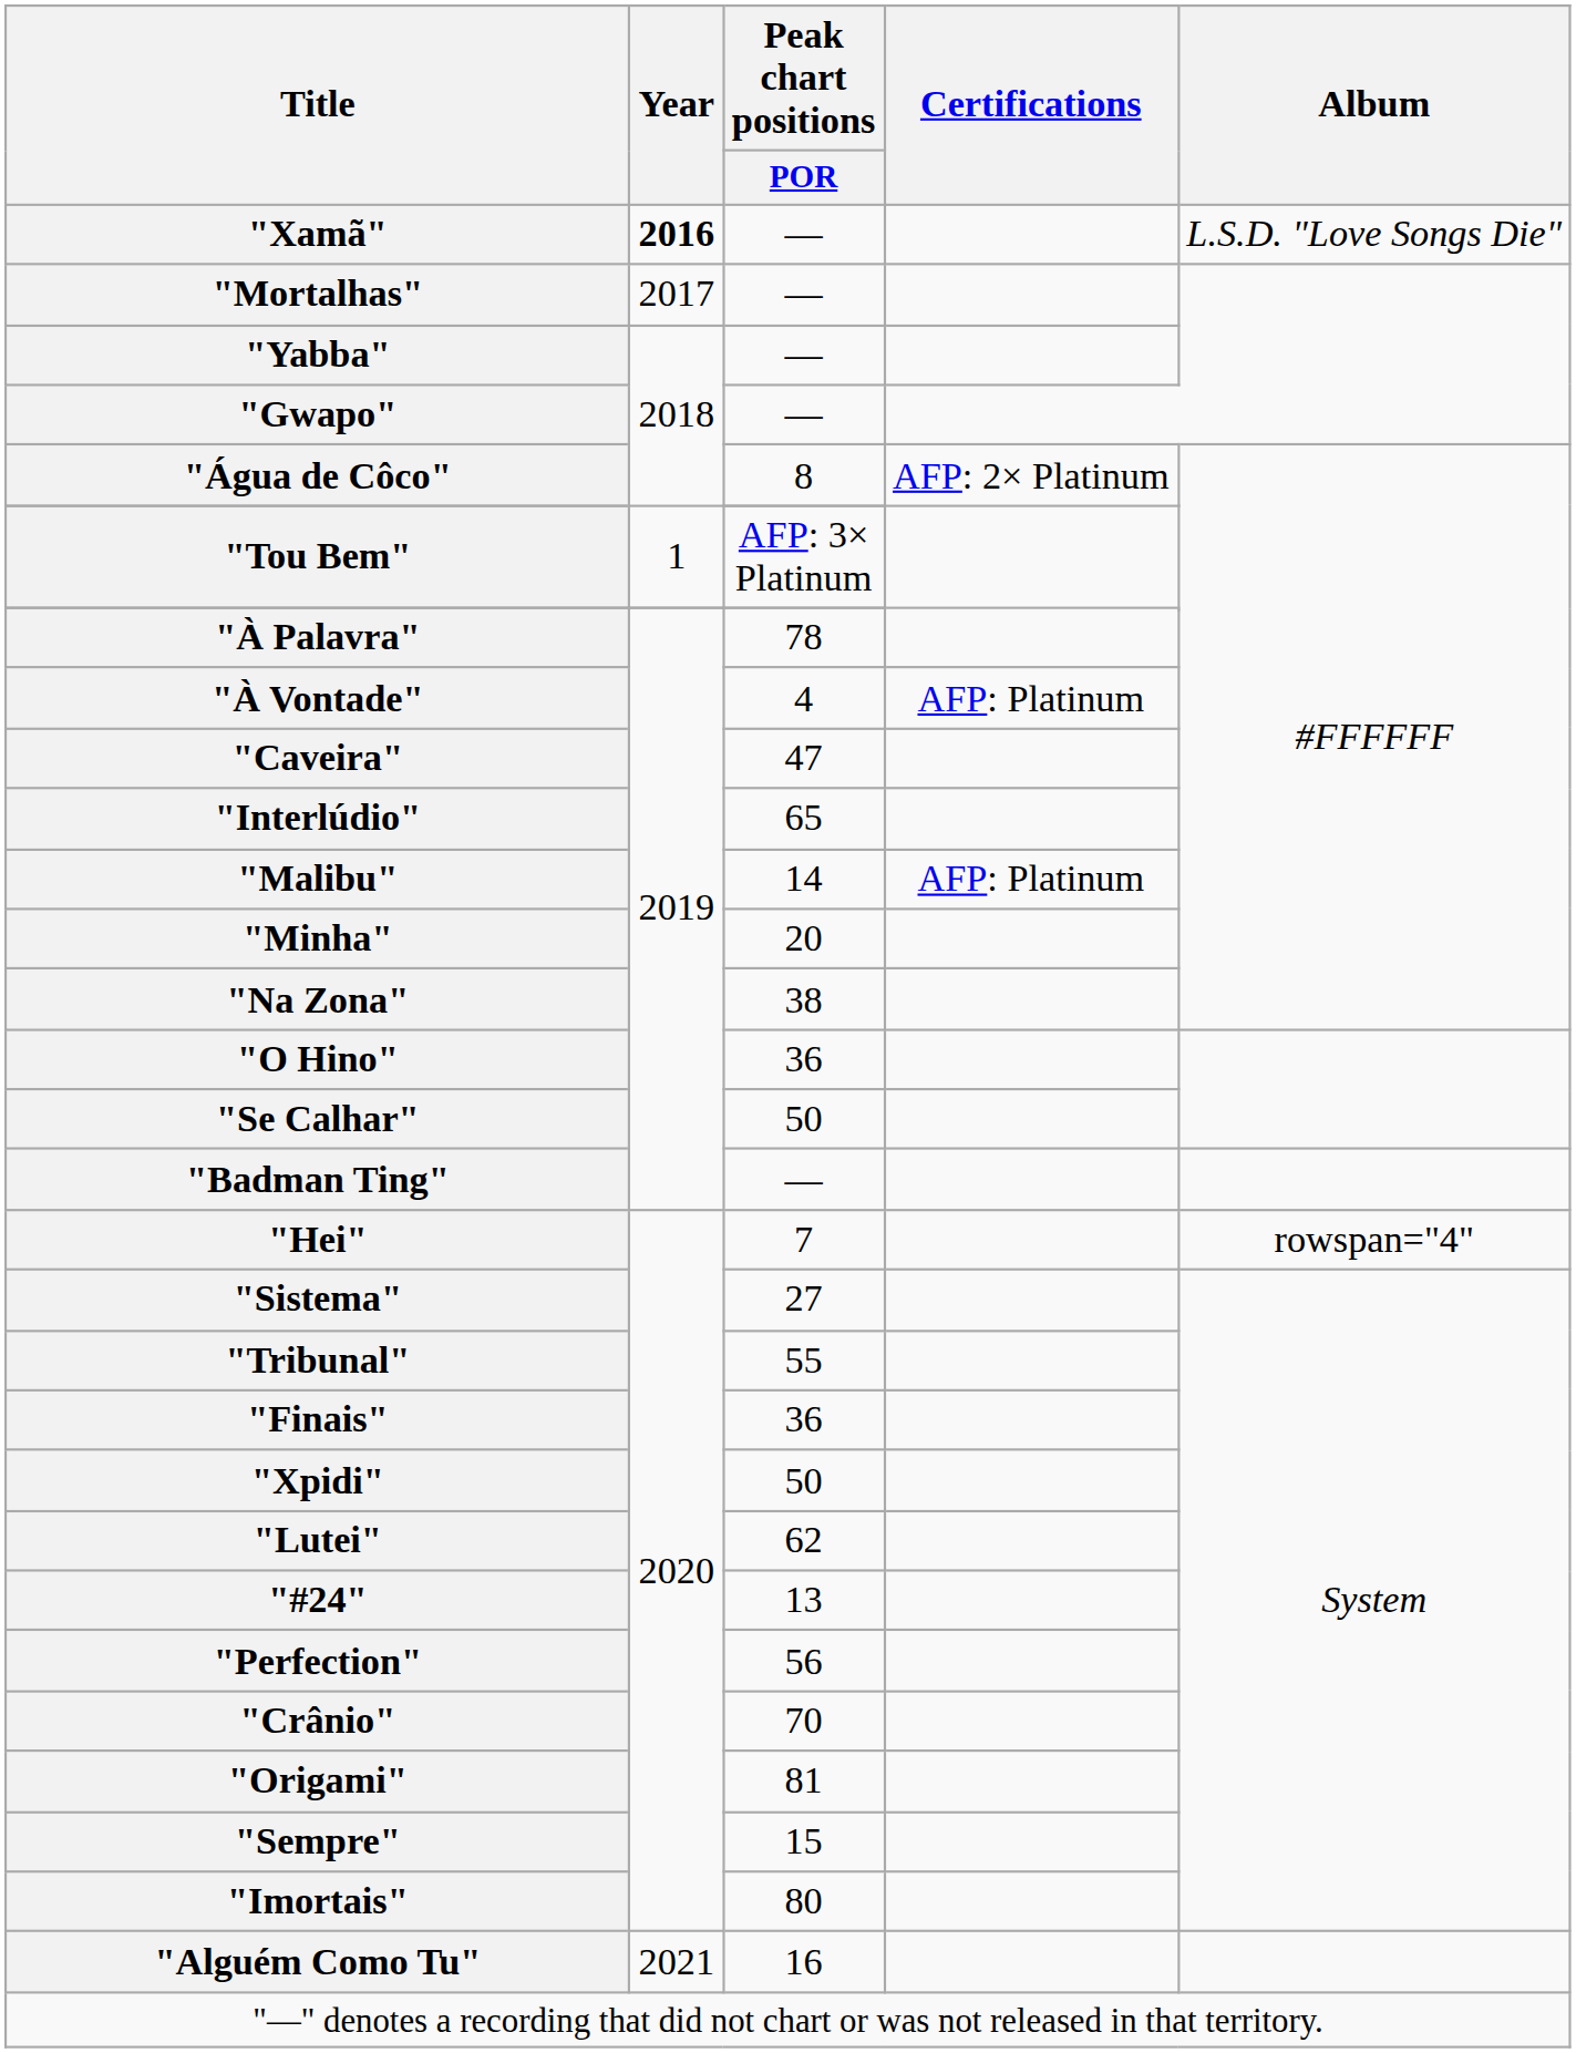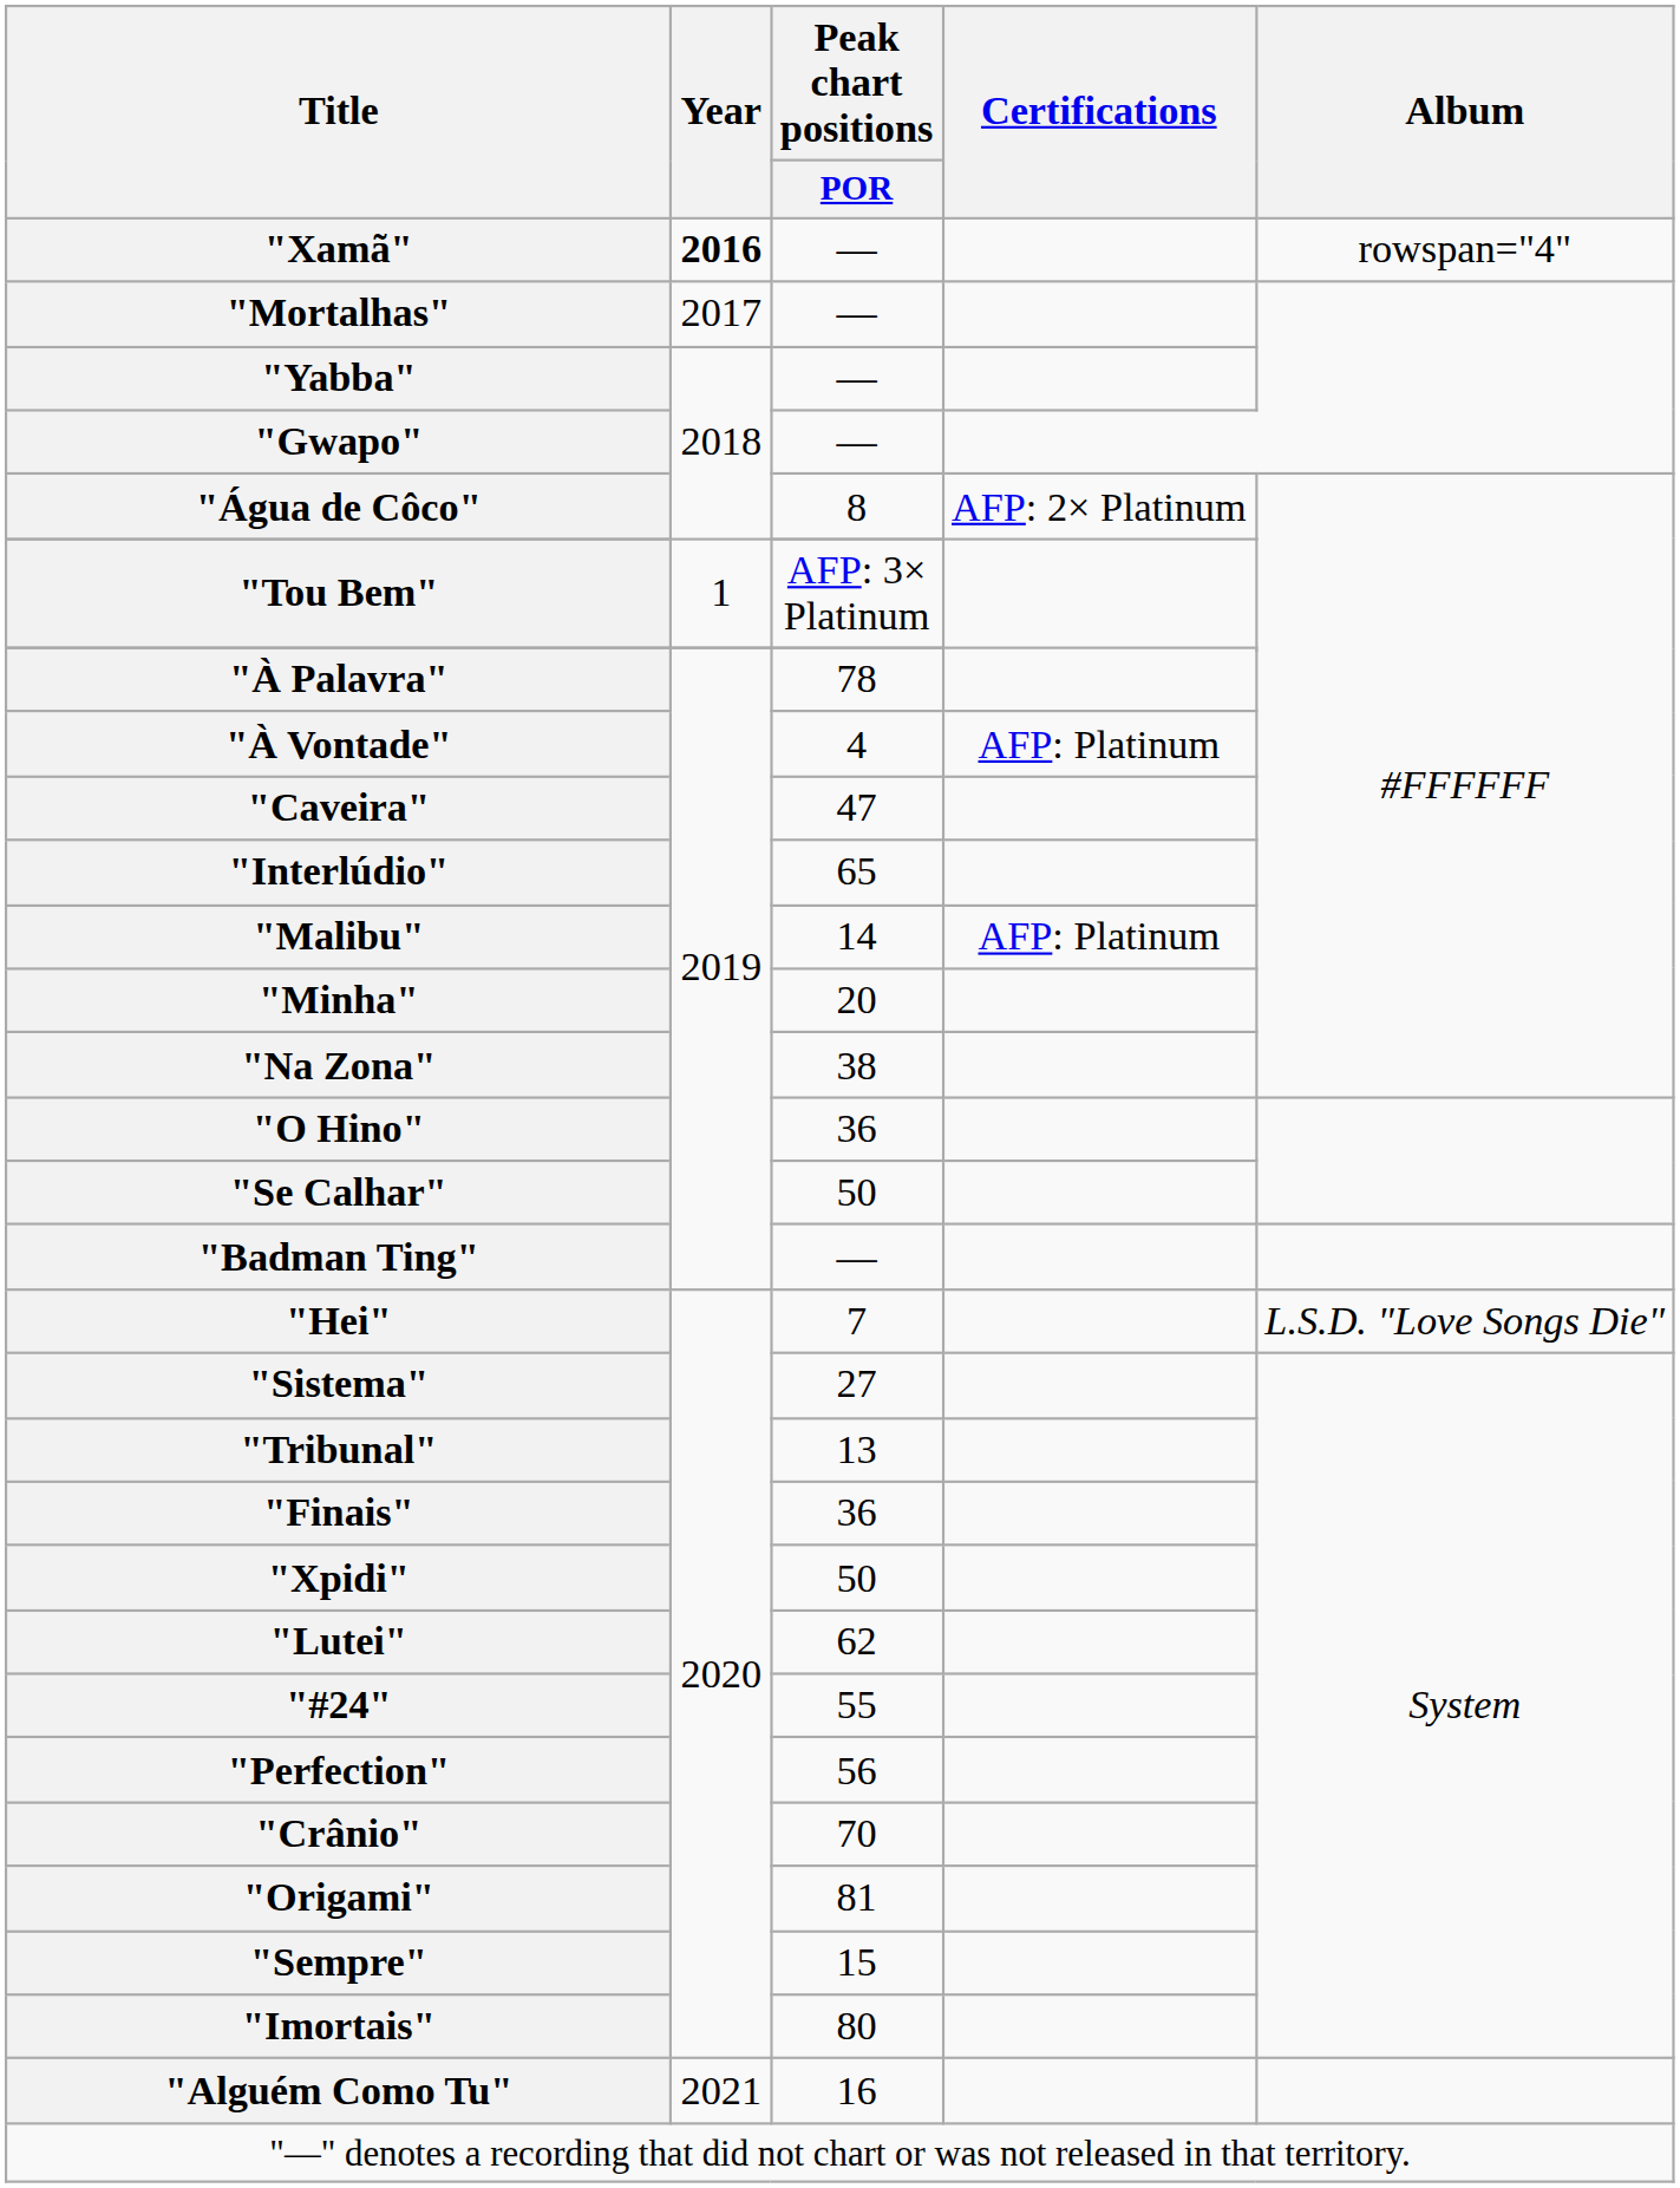 <table class="wikitable plainrowheaders" style="text-align:center;" border="1">
 <tr>
 <th rowspan="2" scope="col" style="width:16em;">Title</th>
 <th rowspan="2" scope="col">Year</th>
 <th scope="col">Peak chart positions</th>
 <th rowspan="2" scope="col"><a href='#'>Certifications</a></th>
 <th rowspan="2" scope="col">Album</th>
 </tr>
 <tr>
 <th scope="col" style="width:3em;font-size:85%;"><a href='#'>POR</a><br></th>
 </tr>
 <tr>
 <th scope="row">"Xamã"</th>
 <td><strong>2016</strong></td>
 <td>—</td>
 <td></td>
-<td><em>L.S.D. "Love Songs Die"</em></td>
+<td>rowspan="4" <em></em></td>
 </tr>
 <tr>
 <th scope="row">"Mortalhas"</th>
 <td>2017</td>
 <td>—</td>
 <td></td>
 </tr>
 <tr>
 <th scope="row">"Yabba"</th>
 <td rowspan="4">2018</td>
 <td>—</td>
 <td></td>
 </tr>
 <tr>
 <th scope="row">"Gwapo" <br></th>
 <td>—</td>
 </tr>
 <tr>
 <th scope="row">"Água de Côco"</th>
 <td>8</td>
 <td><a href='#'>AFP</a>: 2× Platinum</td>
 <td rowspan="11"><em>#FFFFFF</em></td>
 </tr>
 <tr>
 </tr>
 <tr>
 <th scope="row">"Tou Bem" <br></th>
 <td>1</td>
 <td><a href='#'>AFP</a>: 3× Platinum</td>
 </tr>
 <tr>
 </tr>
 <tr>
 <th scope="row">"À Palavra"</th>
 <td rowspan="10">2019</td>
 <td>78</td>
 <td></td>
 </tr>
 <tr>
 <th scope="row">"À Vontade" <br></th>
 <td>4</td>
 <td><a href='#'>AFP</a>: Platinum</td>
 </tr>
 <tr>
 <th scope="row">"Caveira"</th>
 <td>47</td>
 <td></td>
 </tr>
 <tr>
 <th scope="row">"Interlúdio"</th>
 <td>65</td>
 <td></td>
 </tr>
 <tr>
 <th scope="row">"Malibu"</th>
 <td>14</td>
 <td><a href='#'>AFP</a>: Platinum</td>
 </tr>
 <tr>
 <th scope="row">"Minha"</th>
 <td>20</td>
 <td></td>
 </tr>
 <tr>
 <th scope="row">"Na Zona"</th>
 <td>38</td>
 <td></td>
 </tr>
 <tr>
 <th scope="row">"O Hino"</th>
 <td>36</td>
 <td></td>
 </tr>
 <tr>
 <th scope="row">"Se Calhar"</th>
 <td>50</td>
 <td></td>
 </tr>
 <tr>
 <th scope="row">"Badman Ting" <br></th>
 <td>—</td>
 <td></td>
 <td></td>
 </tr>
 <tr>
 <th scope="row">"Hei"</th>
 <td rowspan="12">2020</td>
 <td>7</td>
 <td></td>
-<td>rowspan="4" <em></em></td>
+<td><em>L.S.D. "Love Songs Die"</em></td>
 </tr>
 <tr>
 <th scope="row">"Sistema" <br></th>
 <td>27</td>
 <td></td>
 <td rowspan="11"><em>System</em></td>
 </tr>
 <tr>
 <th scope="row">"Tribunal" <br></th>
-<td>55</td>
+<td>13</td>
 <td></td>
 </tr>
 <tr>
 <th scope="row">"Finais" <br></th>
 <td>36</td>
 <td></td>
 </tr>
 <tr>
 <th scope="row">"Xpidi" <br></th>
 <td>50</td>
 <td></td>
 </tr>
 <tr>
 <th scope="row">"Lutei" <br></th>
 <td>62</td>
 <td></td>
 </tr>
 <tr>
 <th scope="row">"#24" <br></th>
-<td>13</td>
+<td>55</td>
 <td></td>
 </tr>
 <tr>
 <th scope="row">"Perfection" <br></th>
 <td>56</td>
 <td></td>
 </tr>
 <tr>
 <th scope="row">"Crânio" <br></th>
 <td>70</td>
 <td></td>
 </tr>
 <tr>
 <th scope="row">"Origami" <br></th>
 <td>81</td>
 <td></td>
 </tr>
 <tr>
 <th scope="row">"Sempre" <br></th>
 <td>15</td>
 <td></td>
 </tr>
 <tr>
 <th scope="row">"Imortais" <br></th>
 <td>80</td>
 <td></td>
 </tr>
 <tr>
 <th scope="row">"Alguém Como Tu" <br></th>
 <td>2021</td>
 <td>16</td>
 <td></td>
 <td></td>
 </tr>
 <tr>
 <td colspan="5" style="font-size:90%">"—" denotes a recording that did not chart or was not released in that territory.</td>
 </tr>
 </table>
